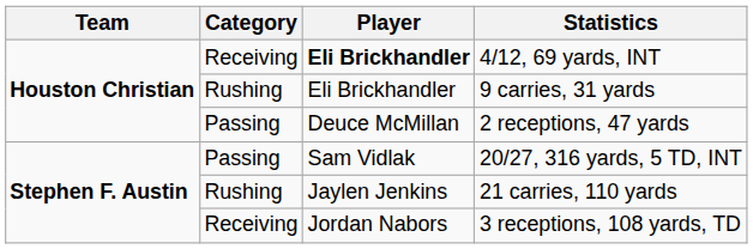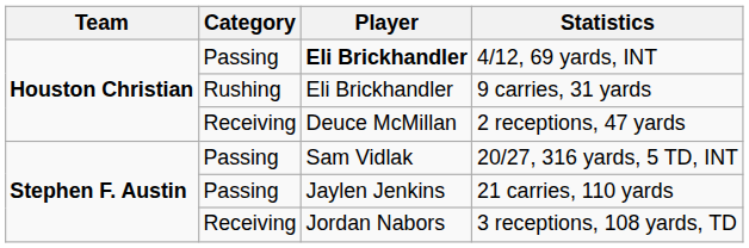 <table class="wikitable" style="float: right;">
 <tr>
 <th>Team</th>
 <th>Category</th>
 <th>Player</th>
 <th>Statistics</th>
 </tr>
 <tr>
 <td rowspan=3><strong>Houston Christian</strong></td>
-<td>Receiving</td>
+<td>Passing</td>
 <td><strong>Eli Brickhandler</strong></td>
 <td>4/12, 69 yards, INT</td>
 </tr>
 <tr>
 <td>Rushing</td>
 <td>Eli Brickhandler</td>
 <td>9 carries, 31 yards</td>
 </tr>
 <tr>
-<td>Passing</td>
+<td>Receiving</td>
 <td>Deuce McMillan</td>
 <td>2 receptions, 47 yards</td>
 </tr>
 <tr>
 <td rowspan=3><strong>Stephen F. Austin</strong></td>
 <td>Passing</td>
 <td>Sam Vidlak</td>
 <td>20/27, 316 yards, 5 TD, INT</td>
 </tr>
 <tr>
-<td>Rushing</td>
+<td>Passing</td>
 <td>Jaylen Jenkins</td>
 <td>21 carries, 110 yards</td>
 </tr>
 <tr>
 <td>Receiving</td>
 <td>Jordan Nabors</td>
 <td>3 receptions, 108 yards, TD</td>
 </tr>
 </table>
